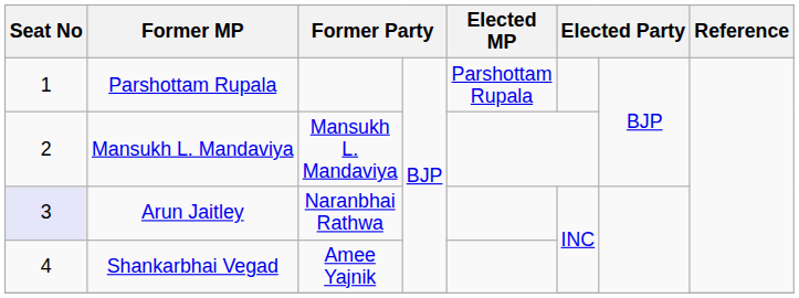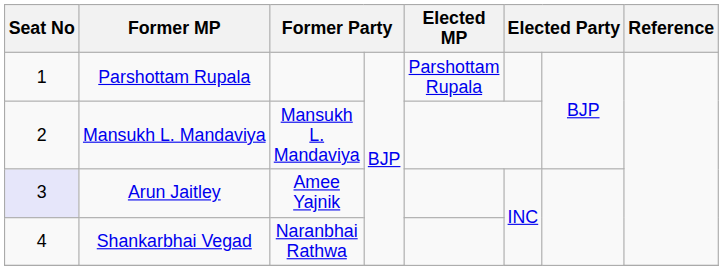 <table class="wikitable">
 <tr>
 <th>Seat No</th>
 <th>Former MP</th>
 <th colspan=2>Former Party</th>
 <th>Elected MP</th>
 <th colspan=2>Elected Party</th>
 <th>Reference</th>
 </tr>
 <tr style="text-align:center;">
 <td>1</td>
 <td><a href='#'>Parshottam Rupala</a></td>
 <td width="1px"></td>
 <td rowspan=4><a href='#'>BJP</a></td>
 <td><a href='#'>Parshottam Rupala</a></td>
 <td width="1px"></td>
 <td rowspan=2><a href='#'>BJP</a></td>
 <td rowspan=4></td>
 </tr>
 <tr style="text-align:center;">
 <td>2</td>
 <td><a href='#'>Mansukh L. Mandaviya</a></td>
 <td><a href='#'>Mansukh L. Mandaviya</a></td>
 </tr>
 <tr style="text-align:center;">
 <td style="background: lavender;">3</td>
 <td><a href='#'>Arun Jaitley</a></td>
-<td><a href='#'>Naranbhai Rathwa</a></td>
+<td><a href='#'>Amee Yajnik</a></td>
 <td width="1px"></td>
 <td rowspan=2><a href='#'>INC</a></td>
 </tr>
 <tr style="text-align:center;">
 <td>4</td>
 <td><a href='#'>Shankarbhai Vegad</a></td>
-<td><a href='#'>Amee Yajnik</a></td>
+<td><a href='#'>Naranbhai Rathwa</a></td>
 </tr>
 <tr>
 </tr>
 </table>
